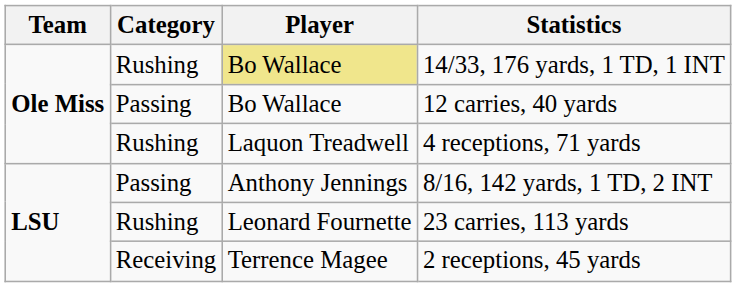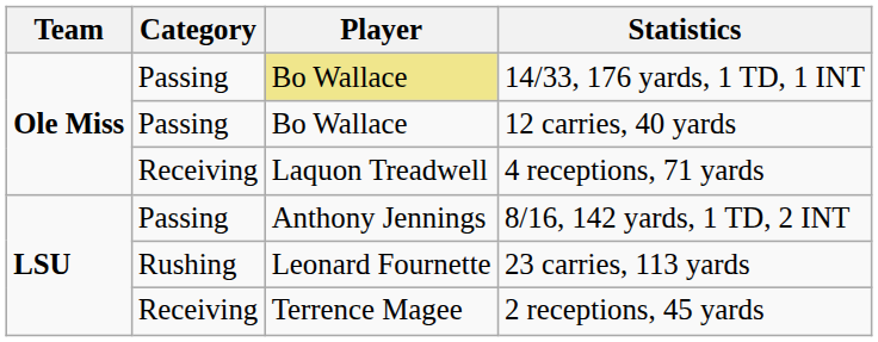 <table class="wikitable" style="float: right;">
 <tr>
 <th>Team</th>
 <th>Category</th>
 <th>Player</th>
 <th>Statistics</th>
 </tr>
 <tr>
 <td rowspan=3><strong>Ole Miss</strong></td>
-<td>Rushing</td>
+<td>Passing</td>
 <td style="background: khaki;">Bo Wallace</td>
 <td>14/33, 176 yards, 1 TD, 1 INT</td>
 </tr>
 <tr>
 <td>Passing</td>
 <td>Bo Wallace</td>
 <td>12 carries, 40 yards</td>
 </tr>
 <tr>
-<td>Rushing</td>
+<td>Receiving</td>
 <td>Laquon Treadwell</td>
 <td>4 receptions, 71 yards</td>
 </tr>
 <tr>
 <td rowspan=3><strong>LSU</strong></td>
 <td>Passing</td>
 <td>Anthony Jennings</td>
 <td>8/16, 142 yards, 1 TD, 2 INT</td>
 </tr>
 <tr>
 <td>Rushing</td>
 <td>Leonard Fournette</td>
 <td>23 carries, 113 yards</td>
 </tr>
 <tr>
 <td>Receiving</td>
 <td>Terrence Magee</td>
 <td>2 receptions, 45 yards</td>
 </tr>
 </table>
